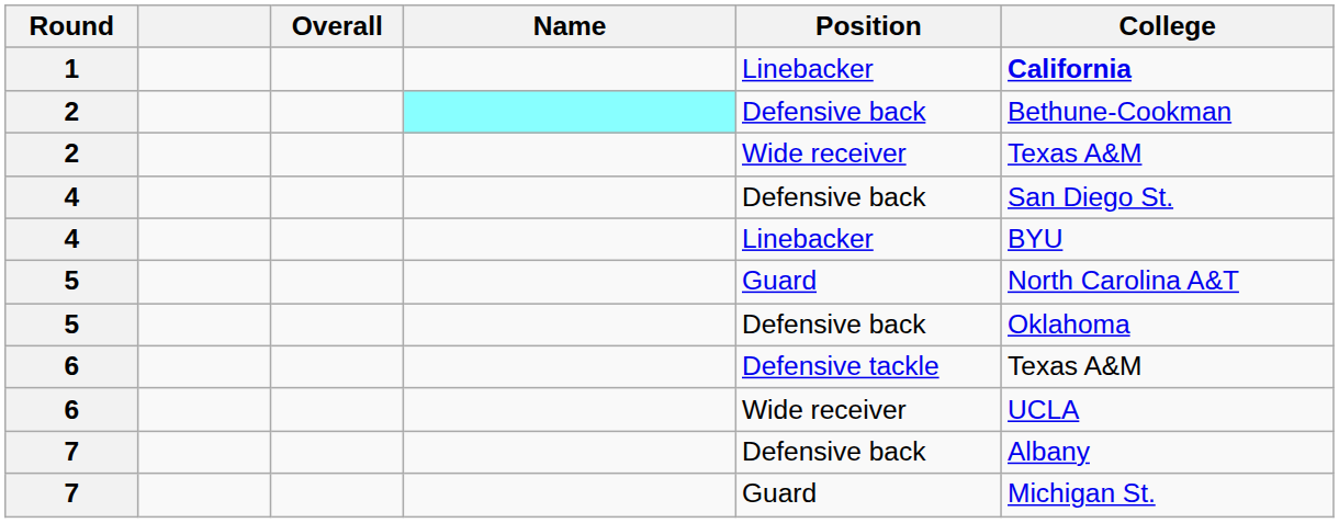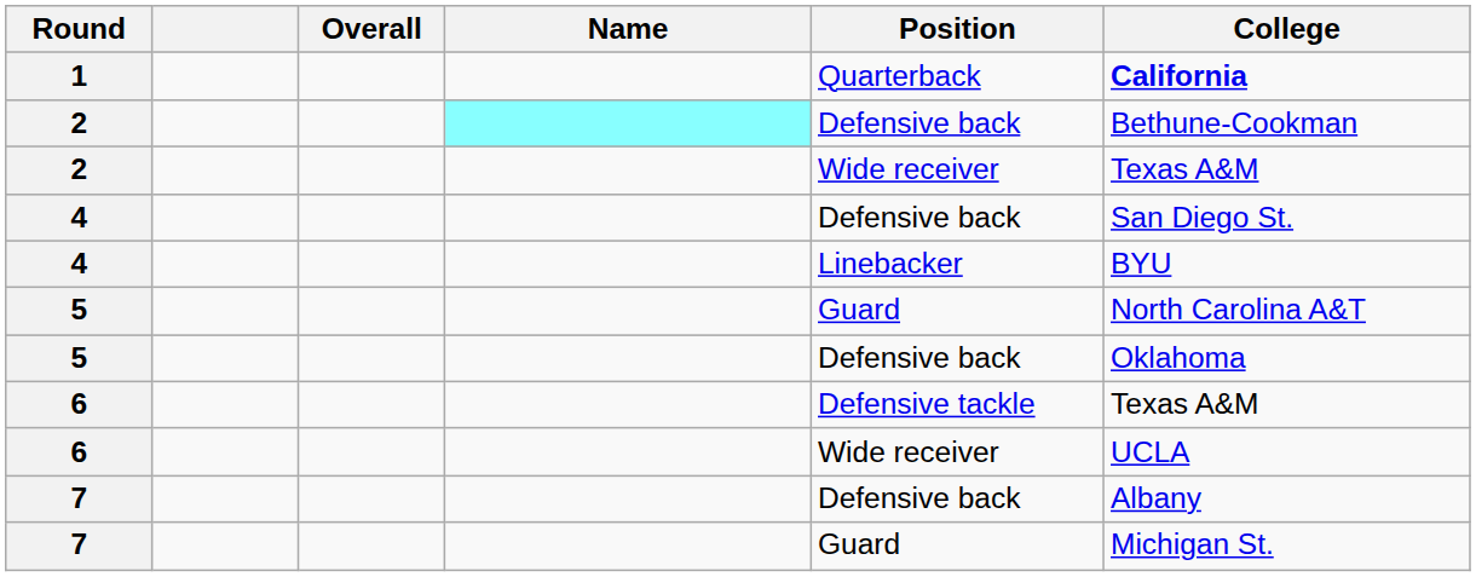 <table class="wikitable sortable" style="width: 50%;">
 <tr>
 <th scope="col" style="width: 10%;">Round</th>
 <th scope="col" style="width: 10%;"></th>
 <th scope="col" style="width: 10%;">Overall</th>
 <th scope="col" style="width: 25%;">Name</th>
 <th scope="col" style="width: 20%;">Position</th>
 <th scope="col" style="width: 25%;">College</th>
 </tr>
 <tr>
 <th scope="row">1</th>
 <td></td>
 <td></td>
 <td></td>
-<td><a href='#'>Linebacker</a></td>
+<td><a href='#'>Quarterback</a></td>
 <td><strong><a href='#'>California</a></strong></td>
 </tr>
 <tr>
 <th scope="row">2</th>
 <td></td>
 <td></td>
 <td style="background:#88FFFF;"> <sup></sup></td>
 <td><a href='#'>Defensive back</a></td>
 <td><a href='#'>Bethune-Cookman</a></td>
 </tr>
 <tr>
 <th scope="row">2</th>
 <td></td>
 <td></td>
 <td></td>
 <td><a href='#'>Wide receiver</a></td>
 <td><a href='#'>Texas A&M</a></td>
 </tr>
 <tr>
 <th scope="row">4</th>
 <td></td>
 <td></td>
 <td></td>
 <td>Defensive back</td>
 <td><a href='#'>San Diego St.</a></td>
 </tr>
 <tr>
 <th scope="row">4</th>
 <td></td>
 <td></td>
 <td></td>
 <td><a href='#'>Linebacker</a></td>
 <td><a href='#'>BYU</a></td>
 </tr>
 <tr>
 <th scope="row">5</th>
 <td></td>
 <td></td>
 <td></td>
 <td><a href='#'>Guard</a></td>
 <td><a href='#'>North Carolina A&T</a></td>
 </tr>
 <tr>
 <th scope="row">5</th>
 <td></td>
 <td></td>
 <td></td>
 <td>Defensive back</td>
 <td><a href='#'>Oklahoma</a></td>
 </tr>
 <tr>
 <th scope="row">6</th>
 <td></td>
 <td></td>
 <td></td>
 <td><a href='#'>Defensive tackle</a></td>
 <td>Texas A&M</td>
 </tr>
 <tr>
 <th scope="row">6</th>
 <td></td>
 <td></td>
 <td></td>
 <td>Wide receiver</td>
 <td><a href='#'>UCLA</a></td>
 </tr>
 <tr>
 <th scope="row">7</th>
 <td></td>
 <td></td>
 <td></td>
 <td>Defensive back</td>
 <td><a href='#'>Albany</a></td>
 </tr>
 <tr>
 <th scope="row">7</th>
 <td></td>
 <td></td>
 <td></td>
 <td>Guard</td>
 <td><a href='#'>Michigan St.</a></td>
 </tr>
 </table>
